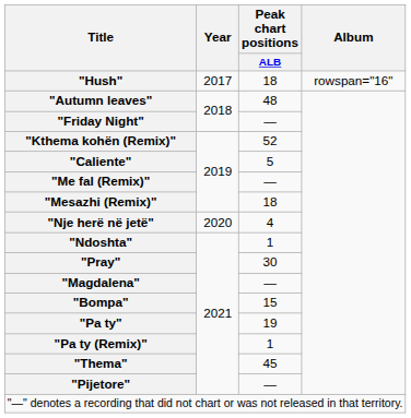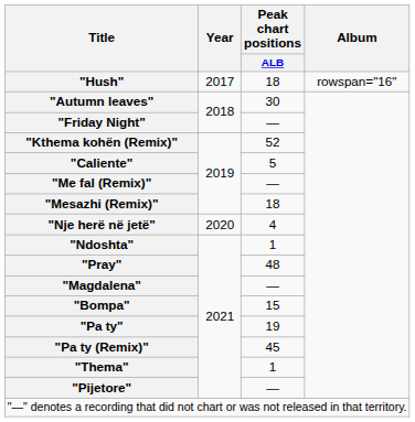 <table class="wikitable plainrowheaders" style="text-align:center;">
 <tr>
 <th scope="col" rowspan="2">Title</th>
 <th scope="col" rowspan="2">Year</th>
 <th scope="col" colspan="1">Peak<br>chart<br>positions</th>
 <th scope="col" rowspan="2">Album</th>
 </tr>
 <tr>
 <th scope="col" style="width:3em;font-size:85%;"><a href='#'>ALB</a><br></th>
 </tr>
 <tr>
 <th scope="row">"Hush"<br></th>
 <td>2017</td>
 <td>18</td>
 <td>rowspan="16" </td>
 </tr>
 <tr>
 <th scope="row">"Autumn leaves"<br></th>
 <td rowspan="2">2018</td>
-<td>48</td>
+<td>30</td>
 </tr>
 <tr>
 <th scope="row">"Friday Night"<br></th>
 <td>—</td>
 </tr>
 <tr>
 <th scope="row">"Kthema kohën (Remix)"<br></th>
 <td rowspan="4">2019</td>
 <td>52</td>
 </tr>
 <tr>
 <th scope="row">"Caliente"<br></th>
 <td>5</td>
 </tr>
 <tr>
 <th scope="row">"Me fal (Remix)"<br></th>
 <td>—</td>
 </tr>
 <tr>
 <th scope="row">"Mesazhi (Remix)"<br></th>
 <td>18</td>
 </tr>
 <tr>
 <th scope="row">"Nje herë në jetë"<br></th>
 <td>2020</td>
 <td>4</td>
 </tr>
 <tr>
 <th scope="row">"Ndoshta"<br></th>
 <td rowspan="8">2021</td>
 <td>1</td>
 </tr>
 <tr>
 <th scope="row">"Pray"<br></th>
-<td>30</td>
+<td>48</td>
 </tr>
 <tr>
 <th scope="row">"Magdalena"<br></th>
 <td>—</td>
 </tr>
 <tr>
 <th scope="row">"Bompa"<br></th>
 <td>15</td>
 </tr>
 <tr>
 <th scope="row">"Pa ty"<br></th>
 <td>19</td>
 </tr>
 <tr>
 <th scope="row">"Pa ty (Remix)"<br></th>
-<td>1</td>
+<td>45</td>
 </tr>
 <tr>
 <th scope="row">"Thema"<br></th>
-<td>45</td>
+<td>1</td>
 </tr>
 <tr>
 <th scope="row">"Pijetore"<br></th>
 <td>—</td>
 </tr>
 <tr>
 <td colspan="11" style="font-size:90%">"—" denotes a recording that did not chart or was not released in that territory.</td>
 </tr>
 </table>
